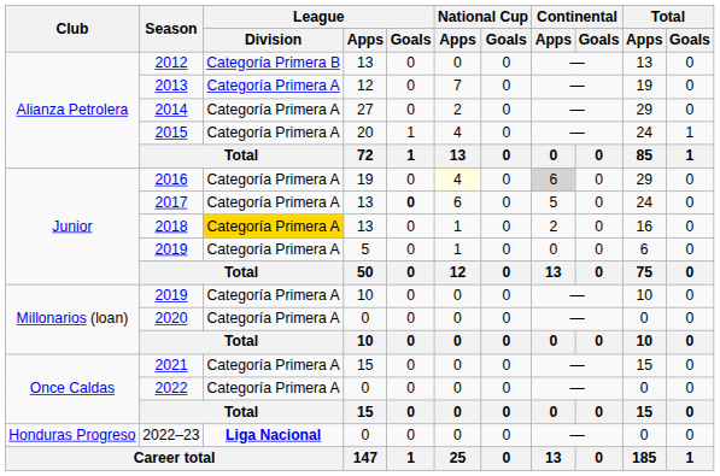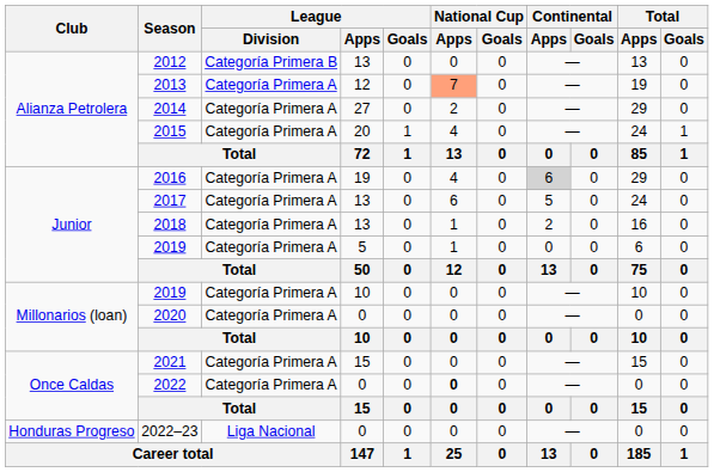 <table class="wikitable", style="text-align:center">
 <tr>
 <th rowspan="2">Club</th>
 <th rowspan="2">Season</th>
 <th colspan="3">League</th>
 <th colspan="2">National Cup</th>
 <th colspan="2">Continental</th>
 <th colspan="2">Total</th>
 </tr>
 <tr>
 <th>Division</th>
 <th>Apps</th>
 <th>Goals</th>
 <th>Apps</th>
 <th>Goals</th>
 <th>Apps</th>
 <th>Goals</th>
 <th>Apps</th>
 <th>Goals</th>
 </tr>
 <tr>
 <td rowspan="5"><a href='#'>Alianza Petrolera</a></td>
 <td><a href='#'>2012</a></td>
 <td><a href='#'>Categoría Primera B</a></td>
 <td>13</td>
 <td>0</td>
 <td>0</td>
 <td>0</td>
 <td colspan="2">—</td>
 <td>13</td>
 <td>0</td>
 </tr>
 <tr>
 <td><a href='#'>2013</a></td>
 <td><a href='#'>Categoría Primera A</a></td>
 <td>12</td>
 <td>0</td>
-<td>7</td>
+<td style="background: lightsalmon;">7</td>
 <td>0</td>
 <td colspan="2">—</td>
 <td>19</td>
 <td>0</td>
 </tr>
 <tr>
 <td><a href='#'>2014</a></td>
 <td>Categoría Primera A</td>
 <td>27</td>
 <td>0</td>
 <td>2</td>
 <td>0</td>
 <td colspan="2">—</td>
 <td>29</td>
 <td>0</td>
 </tr>
 <tr>
 <td><a href='#'>2015</a></td>
 <td>Categoría Primera A</td>
 <td>20</td>
 <td>1</td>
 <td>4</td>
 <td>0</td>
 <td colspan="2">—</td>
 <td>24</td>
 <td>1</td>
 </tr>
 <tr>
 <th colspan="2">Total</th>
 <th>72</th>
 <th>1</th>
 <th>13</th>
 <th>0</th>
 <th>0</th>
 <th>0</th>
 <th>85</th>
 <th>1</th>
 </tr>
 <tr>
 <td rowspan="5"><a href='#'>Junior</a></td>
 <td><a href='#'>2016</a></td>
 <td>Categoría Primera A</td>
 <td>19</td>
 <td>0</td>
-<td style="background: lightyellow;">4</td>
+<td>4</td>
 <td>0</td>
 <td style="background: lightgrey;">6</td>
 <td>0</td>
 <td>29</td>
 <td>0</td>
 </tr>
 <tr>
 <td><a href='#'>2017</a></td>
 <td>Categoría Primera A</td>
 <td>13</td>
-<td><strong>0</strong></td>
+<td>0</td>
 <td>6</td>
 <td>0</td>
 <td>5</td>
 <td>0</td>
 <td>24</td>
 <td>0</td>
 </tr>
 <tr>
 <td><a href='#'>2018</a></td>
-<td style="background: gold;">Categoría Primera A</td>
+<td>Categoría Primera A</td>
 <td>13</td>
 <td>0</td>
 <td>1</td>
 <td>0</td>
 <td>2</td>
 <td>0</td>
 <td>16</td>
 <td>0</td>
 </tr>
 <tr>
 <td><a href='#'>2019</a></td>
 <td>Categoría Primera A</td>
 <td>5</td>
 <td>0</td>
 <td>1</td>
 <td>0</td>
 <td>0</td>
 <td>0</td>
 <td>6</td>
 <td>0</td>
 </tr>
 <tr>
 <th colspan="2">Total</th>
 <th>50</th>
 <th>0</th>
 <th>12</th>
 <th>0</th>
 <th>13</th>
 <th>0</th>
 <th>75</th>
 <th>0</th>
 </tr>
 <tr>
 <td rowspan="3"><a href='#'>Millonarios</a> (loan)</td>
 <td><a href='#'>2019</a></td>
 <td>Categoría Primera A</td>
 <td>10</td>
 <td>0</td>
 <td>0</td>
 <td>0</td>
 <td colspan="2">—</td>
 <td>10</td>
 <td>0</td>
 </tr>
 <tr>
 <td><a href='#'>2020</a></td>
 <td>Categoría Primera A</td>
 <td>0</td>
 <td>0</td>
 <td>0</td>
 <td>0</td>
 <td colspan="2">—</td>
 <td>0</td>
 <td>0</td>
 </tr>
 <tr>
 <th colspan="2">Total</th>
 <th>10</th>
 <th>0</th>
 <th>0</th>
 <th>0</th>
 <th>0</th>
 <th>0</th>
 <th>10</th>
 <th>0</th>
 </tr>
 <tr>
 <td rowspan="3"><a href='#'>Once Caldas</a></td>
 <td><a href='#'>2021</a></td>
 <td>Categoría Primera A</td>
 <td>15</td>
 <td>0</td>
 <td>0</td>
 <td>0</td>
 <td colspan="2">—</td>
 <td>15</td>
 <td>0</td>
 </tr>
 <tr>
 <td><a href='#'>2022</a></td>
 <td>Categoría Primera A</td>
 <td>0</td>
 <td>0</td>
-<td>0</td>
+<td><strong>0</strong></td>
 <td>0</td>
 <td colspan="2">—</td>
 <td>0</td>
 <td>0</td>
 </tr>
 <tr>
 <th colspan="2">Total</th>
 <th>15</th>
 <th>0</th>
 <th>0</th>
 <th>0</th>
 <th>0</th>
 <th>0</th>
 <th>15</th>
 <th>0</th>
 </tr>
 <tr>
 <td><a href='#'>Honduras Progreso</a></td>
 <td>2022–23</td>
-<td><strong><a href='#'>Liga Nacional</a></strong></td>
+<td><a href='#'>Liga Nacional</a></td>
 <td>0</td>
 <td>0</td>
 <td>0</td>
 <td>0</td>
 <td colspan="2">—</td>
 <td>0</td>
 <td>0</td>
 </tr>
 <tr>
 <th colspan="3">Career total</th>
 <th>147</th>
 <th>1</th>
 <th>25</th>
 <th>0</th>
 <th>13</th>
 <th>0</th>
 <th>185</th>
 <th>1</th>
 </tr>
 </table>
